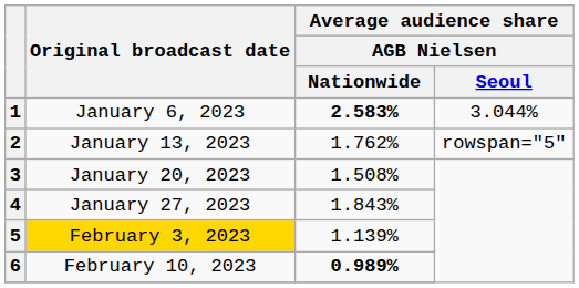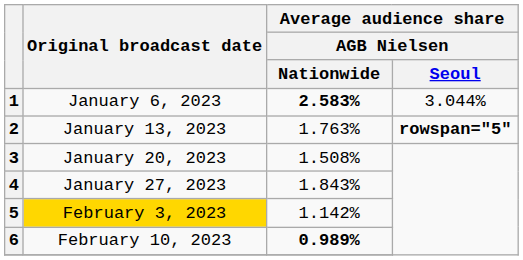 <table class="wikitable" style="text-align:center">
 <tr>
 <th rowspan="3"></th>
 <th rowspan="3">Original broadcast date</th>
 <th colspan="2">Average audience share</th>
 </tr>
 <tr>
 <th colspan="2">AGB Nielsen</th>
 </tr>
 <tr>
 <th width=90>Nationwide</th>
 <th width=90><a href='#'>Seoul</a></th>
 </tr>
 <tr>
 <th>1</th>
 <td>January 6, 2023</td>
 <td><span><strong>2.583%</strong></span></td>
 <td>3.044%</td>
 </tr>
 <tr>
 <th>2</th>
 <td>January 13, 2023</td>
-<td>1.762%</td>
-<td>rowspan="5" </td>
+<td>1.763%</td>
+<td><strong>rowspan="5" </strong></td>
 </tr>
 <tr>
 <th>3</th>
 <td>January 20, 2023</td>
 <td>1.508%</td>
 </tr>
 <tr>
 <th>4</th>
 <td>January 27, 2023</td>
 <td>1.843%</td>
 </tr>
 <tr>
 <th>5</th>
 <td style="background: gold;">February 3, 2023</td>
-<td>1.139%</td>
+<td>1.142%</td>
 </tr>
 <tr>
 <th>6</th>
 <td>February 10, 2023</td>
 <td><span><strong>0.989%</strong></span></td>
 </tr>
 <tr>
 </tr>
 </table>
